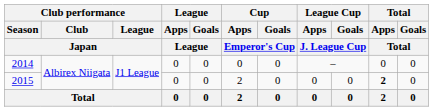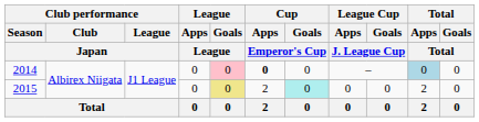 <table class="wikitable" style="text-align:center;">
 <tr>
 <th colspan=3>Club performance</th>
 <th colspan=2>League</th>
 <th colspan=2>Cup</th>
 <th colspan=2>League Cup</th>
 <th colspan=2>Total</th>
 </tr>
 <tr>
 <th>Season</th>
 <th>Club</th>
 <th>League</th>
 <th>Apps</th>
 <th>Goals</th>
 <th>Apps</th>
 <th>Goals</th>
 <th>Apps</th>
 <th>Goals</th>
 <th>Apps</th>
 <th>Goals</th>
 </tr>
 <tr>
 <th colspan=3>Japan</th>
 <th colspan=2>League</th>
 <th colspan=2><a href='#'>Emperor's Cup</a></th>
 <th colspan=2><a href='#'>J. League Cup</a></th>
 <th colspan=2>Total</th>
 </tr>
 <tr>
 <td><a href='#'>2014</a></td>
 <td rowspan="2"><a href='#'>Albirex Niigata</a></td>
 <td rowspan="2"><a href='#'>J1 League</a></td>
 <td>0</td>
-<td>0</td>
-<td>0</td>
+<td style="background: pink;">0</td>
+<td><strong>0</strong></td>
 <td>0</td>
 <td colspan="2">–</td>
-<td>0</td>
+<td style="background: lightblue;">0</td>
 <td>0</td>
 </tr>
 <tr>
 <td><a href='#'>2015</a></td>
 <td>0</td>
+<td style="background: khaki;">0</td>
+<td>2</td>
+<td style="background: paleturquoise;">0</td>
+<td>0</td>
 <td>0</td>
 <td>2</td>
-<td>0</td>
-<td>0</td>
-<td>0</td>
-<td><strong>2</strong></td>
 <td>0</td>
 </tr>
 <tr>
 <th colspan=3>Total</th>
 <th>0</th>
 <th>0</th>
 <th>2</th>
 <th>0</th>
 <th>0</th>
 <th>0</th>
 <th>2</th>
 <th>0</th>
 </tr>
 </table>
